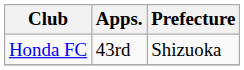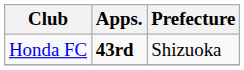 <table class="wikitable" style="text-align:left">
 <tr>
 <th>Club</th>
 <th>Apps.</th>
 <th>Prefecture</th>
 </tr>
 <tr>
 <td><a href='#'>Honda FC</a></td>
-<td>43rd</td>
+<td><strong>43rd</strong></td>
 <td>Shizuoka</td>
 </tr>
 <tr>
 </tr>
 </table>
